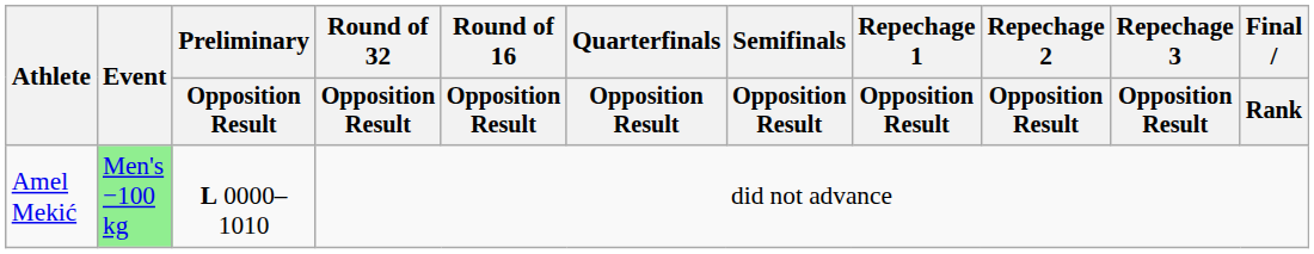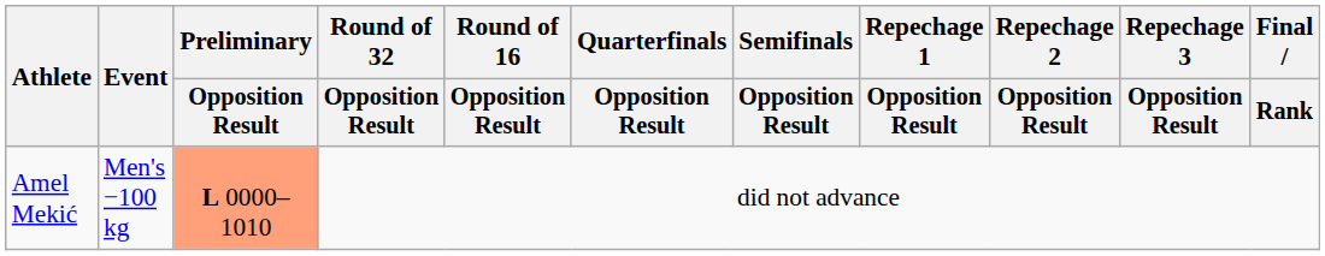 <table class="wikitable" style="font-size:90%">
 <tr>
 <th rowspan="2">Athlete</th>
 <th rowspan="2">Event</th>
 <th>Preliminary</th>
 <th>Round of 32</th>
 <th>Round of 16</th>
 <th>Quarterfinals</th>
 <th>Semifinals</th>
 <th>Repechage 1</th>
 <th>Repechage 2</th>
 <th>Repechage 3</th>
 <th colspan=2>Final / </th>
 </tr>
 <tr style="font-size:95%">
 <th>Opposition<br>Result</th>
 <th>Opposition<br>Result</th>
 <th>Opposition<br>Result</th>
 <th>Opposition<br>Result</th>
 <th>Opposition<br>Result</th>
 <th>Opposition<br>Result</th>
 <th>Opposition<br>Result</th>
 <th>Opposition<br>Result</th>
 <th>Rank</th>
 </tr>
 <tr align=center>
 <td align=left><a href='#'>Amel Mekić</a></td>
-<td align=left style="background: lightgreen;"><a href='#'>Men's −100 kg</a></td>
-<td><br><strong>L</strong> 0000–1010</td>
+<td align=left><a href='#'>Men's −100 kg</a></td>
+<td style="background: lightsalmon;"><br><strong>L</strong> 0000–1010</td>
 <td colspan=9>did not advance</td>
 </tr>
 </table>
